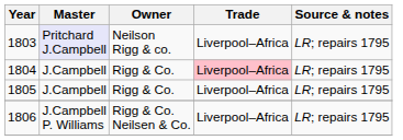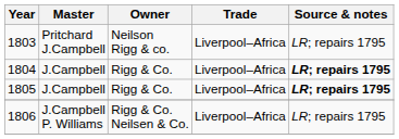 <table class="sortable wikitable">
 <tr>
 <th>Year</th>
 <th>Master</th>
 <th>Owner</th>
 <th>Trade</th>
 <th>Source & notes</th>
 </tr>
 <tr>
 <td>1803</td>
-<td style="background: lavender;">Pritchard<br>J.Campbell</td>
+<td>Pritchard<br>J.Campbell</td>
 <td>Neilson<br>Rigg & co.</td>
 <td>Liverpool–Africa</td>
 <td><em>LR</em>; repairs 1795</td>
 </tr>
 <tr>
 <td>1804</td>
 <td>J.Campbell</td>
 <td>Rigg & Co.</td>
-<td style="background: pink;">Liverpool–Africa</td>
-<td><em>LR</em>; repairs 1795</td>
+<td>Liverpool–Africa</td>
+<td><strong><em>LR</em>; repairs 1795</strong></td>
 </tr>
 <tr>
 <td>1805</td>
 <td>J.Campbell</td>
 <td>Rigg & Co.</td>
 <td>Liverpool–Africa</td>
-<td><em>LR</em>; repairs 1795</td>
+<td><strong><em>LR</em>; repairs 1795</strong></td>
 </tr>
 <tr>
 </tr>
 <tr>
 <td>1806</td>
 <td>J.Campbell<br>P. Williams</td>
 <td>Rigg & Co.<br>Neilsen & Co.</td>
 <td>Liverpool–Africa</td>
 <td><em>LR</em>; repairs 1795</td>
 </tr>
 <tr>
 </tr>
 </table>
